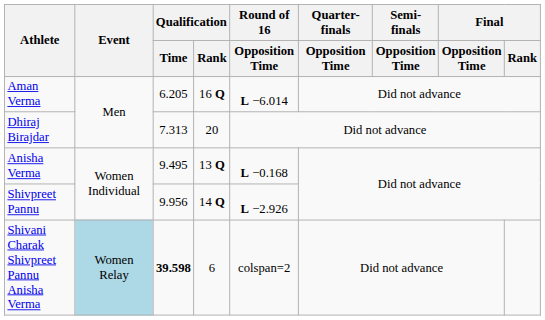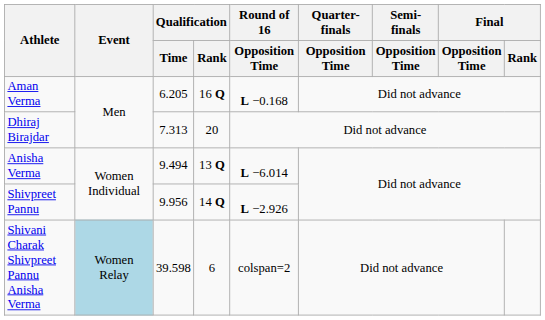 <table class="wikitable" style="text-align:center; font-size:90%">
 <tr>
 <th rowspan="2">Athlete</th>
 <th rowspan="2">Event</th>
 <th colspan="2">Qualification</th>
 <th>Round of 16</th>
 <th>Quarter-finals</th>
 <th>Semi-finals</th>
 <th colspan="2">Final</th>
 </tr>
 <tr>
 <th>Time</th>
 <th>Rank</th>
 <th>Opposition<br>Time</th>
 <th>Opposition<br>Time</th>
 <th>Opposition<br>Time</th>
 <th>Opposition<br>Time</th>
 <th>Rank</th>
 </tr>
 <tr>
 <td align=left><a href='#'>Aman Verma</a></td>
 <td rowspan="2">Men</td>
 <td>6.205</td>
 <td>16 <strong>Q</strong></td>
-<td><br><strong>L</strong> −6.014</td>
+<td><br><strong>L</strong> −0.168</td>
 <td colspan=4>Did not advance</td>
 </tr>
 <tr>
 <td align=left><a href='#'>Dhiraj Birajdar</a></td>
 <td>7.313</td>
 <td>20</td>
 <td colspan="5">Did not advance</td>
 </tr>
 <tr>
 <td align=left><a href='#'>Anisha Verma</a></td>
 <td rowspan="2">Women Individual</td>
-<td>9.495</td>
+<td>9.494</td>
 <td>13 <strong>Q</strong></td>
-<td><br><strong>L</strong> −0.168</td>
+<td><br><strong>L</strong> −6.014</td>
 <td colspan=4 rowspan=2>Did not advance</td>
 </tr>
 <tr>
 <td align=left><a href='#'>Shivpreet Pannu</a></td>
 <td>9.956</td>
 <td>14 <strong>Q</strong></td>
 <td><br><strong>L</strong> −2.926</td>
 </tr>
 <tr>
 <td align=left><a href='#'>Shivani Charak</a><br><a href='#'>Shivpreet Pannu</a><br><a href='#'>Anisha Verma</a></td>
 <td style="background: lightblue;">Women Relay</td>
-<td><strong>39.598</strong></td>
+<td>39.598</td>
 <td>6</td>
 <td>colspan=2 </td>
 <td colspan=3>Did not advance</td>
 </tr>
 </table>
